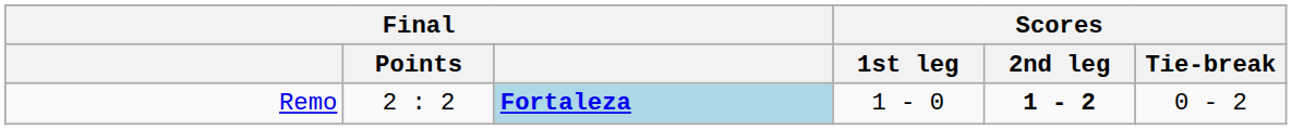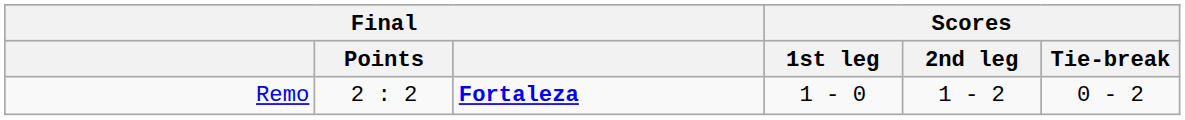 <table class="wikitable" style="text-align:center;">
 <tr>
 <th colspan=3>Final</th>
 <th colspan=3>Scores</th>
 </tr>
 <tr>
 <th width="175"></th>
 <th width="75">Points</th>
 <th width="175"></th>
 <th width="75">1st leg</th>
 <th width="75">2nd leg</th>
 <th width="75">Tie-break</th>
 </tr>
 <tr>
 <td align=right><a href='#'>Remo</a></td>
 <td>2 : 2</td>
-<td align=left style="background: lightblue;"><strong><a href='#'>Fortaleza</a></strong></td>
+<td align=left><strong><a href='#'>Fortaleza</a></strong></td>
 <td>1 - 0</td>
-<td><strong>1 - 2</strong></td>
+<td>1 - 2</td>
 <td>0 - 2</td>
 </tr>
 </table>
